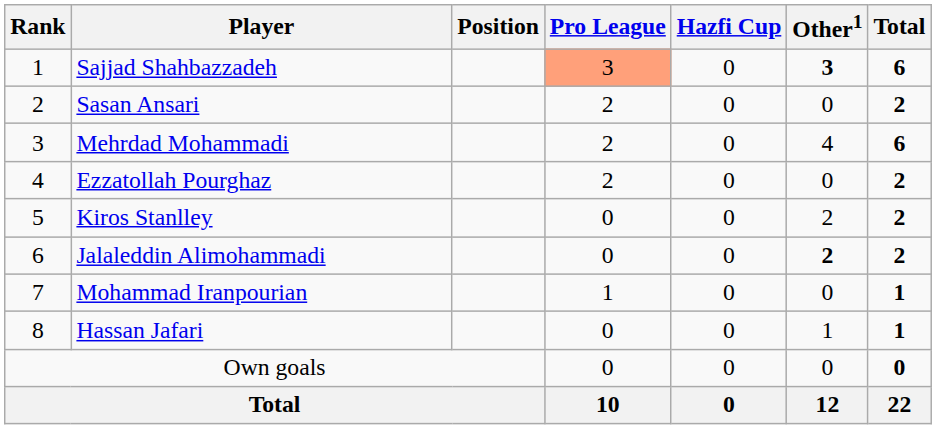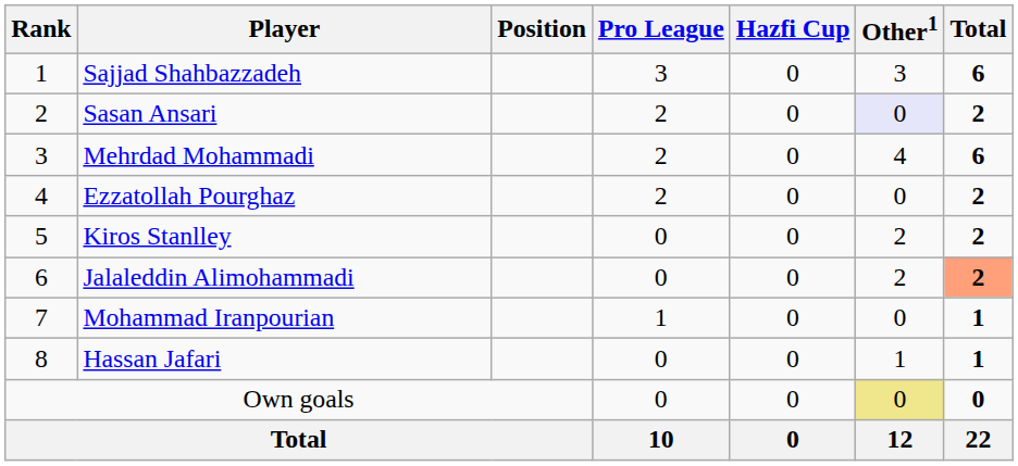 <table class="wikitable">
 <tr>
 <th>Rank</th>
 <th style="width:250px;">Player</th>
 <th>Position</th>
 <th><a href='#'>Pro League</a></th>
 <th><a href='#'>Hazfi Cup</a></th>
 <th>Other<sup>1</sup></th>
 <th>Total</th>
 </tr>
 <tr>
 <td align=center>1</td>
 <td> <a href='#'>Sajjad Shahbazzadeh</a></td>
 <td align=center></td>
-<td align=center style="background: lightsalmon;">3</td>
+<td align=center>3</td>
 <td align=center>0</td>
-<td align=center><strong>3</strong></td>
+<td align=center>3</td>
 <td align=center><strong>6</strong></td>
 </tr>
 <tr>
 <td align=center>2</td>
 <td> <a href='#'>Sasan Ansari</a></td>
 <td align=center></td>
 <td align=center>2</td>
 <td align=center>0</td>
-<td align=center>0</td>
+<td align=center style="background: lavender;">0</td>
 <td align=center><strong>2</strong></td>
 </tr>
 <tr>
 <td align=center>3</td>
 <td> <a href='#'>Mehrdad Mohammadi</a></td>
 <td align=center></td>
 <td align=center>2</td>
 <td align=center>0</td>
 <td align=center>4</td>
 <td align=center><strong>6</strong></td>
 </tr>
 <tr>
 <td align=center>4</td>
 <td> <a href='#'>Ezzatollah Pourghaz</a></td>
 <td align=center></td>
 <td align=center>2</td>
 <td align=center>0</td>
 <td align=center>0</td>
 <td align=center><strong>2</strong></td>
 </tr>
 <tr>
 <td align=center>5</td>
 <td> <a href='#'>Kiros Stanlley</a></td>
 <td align=center></td>
 <td align=center>0</td>
 <td align=center>0</td>
 <td align=center>2</td>
 <td align=center><strong>2</strong></td>
 </tr>
 <tr>
 <td align=center>6</td>
 <td> <a href='#'>Jalaleddin Alimohammadi</a></td>
 <td align=center></td>
 <td align=center>0</td>
 <td align=center>0</td>
-<td align=center><strong>2</strong></td>
-<td align=center><strong>2</strong></td>
+<td align=center>2</td>
+<td align=center style="background: lightsalmon;"><strong>2</strong></td>
 </tr>
 <tr>
 <td align=center>7</td>
 <td> <a href='#'>Mohammad Iranpourian</a></td>
 <td align=center></td>
 <td align=center>1</td>
 <td align=center>0</td>
 <td align=center>0</td>
 <td align=center><strong>1</strong></td>
 </tr>
 <tr>
 <td align=center>8</td>
 <td> <a href='#'>Hassan Jafari</a></td>
 <td align=center></td>
 <td align=center>0</td>
 <td align=center>0</td>
 <td align=center>1</td>
 <td align=center><strong>1</strong></td>
 </tr>
 <tr>
 <td colspan=3 align=center>Own goals</td>
 <td align=center>0</td>
 <td align=center>0</td>
-<td align=center>0</td>
+<td align=center style="background: khaki;">0</td>
 <td align=center><strong>0</strong></td>
 </tr>
 <tr>
 <th align=center colspan=3>Total</th>
 <th align=center>10</th>
 <th align=center>0</th>
 <th align=center>12</th>
 <th align=center>22</th>
 </tr>
 </table>
